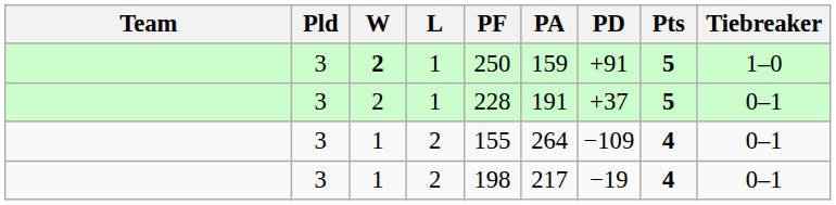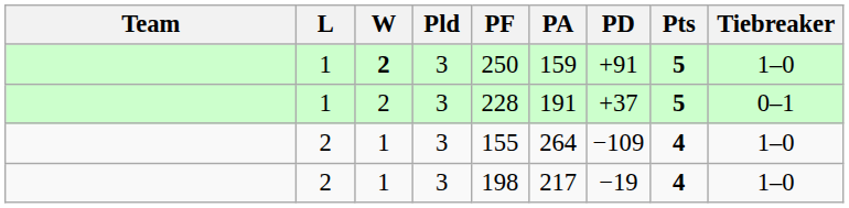 <table class=wikitable style="text-align:center">
 <tr>
 <th width=180>Team</th>
+<th width=30>L</th>
+<th width=30>W</th>
 <th width=30>Pld</th>
-<th width=30>W</th>
-<th width=30>L</th>
 <th width=30>PF</th>
 <th width=30>PA</th>
 <th width=30>PD</th>
 <th width=30>Pts</th>
 <th width=80>Tiebreaker</th>
 </tr>
 <tr align=center bgcolor="#ccffcc">
 <td align=left></td>
+<td>1</td>
+<td><strong>2</strong></td>
 <td>3</td>
-<td><strong>2</strong></td>
-<td>1</td>
 <td>250</td>
 <td>159</td>
 <td>+91</td>
 <td><strong>5</strong></td>
 <td>1–0</td>
 </tr>
 <tr align=center bgcolor="#ccffcc">
 <td align=left></td>
+<td>1</td>
+<td>2</td>
 <td>3</td>
-<td>2</td>
-<td>1</td>
 <td>228</td>
 <td>191</td>
 <td>+37</td>
 <td><strong>5</strong></td>
 <td>0–1</td>
 </tr>
 <tr align=center>
 <td align=left></td>
+<td>2</td>
+<td>1</td>
 <td>3</td>
-<td>1</td>
-<td>2</td>
 <td>155</td>
 <td>264</td>
 <td>−109</td>
 <td><strong>4</strong></td>
-<td>0–1</td>
+<td>1–0</td>
 </tr>
 <tr align=center>
 <td align=left></td>
+<td>2</td>
+<td>1</td>
 <td>3</td>
-<td>1</td>
-<td>2</td>
 <td>198</td>
 <td>217</td>
 <td>−19</td>
 <td><strong>4</strong></td>
-<td>0–1</td>
+<td>1–0</td>
 </tr>
 </table>
